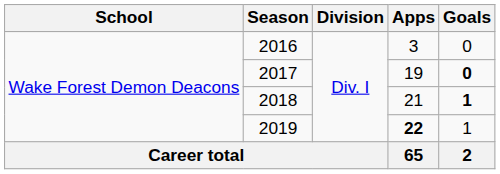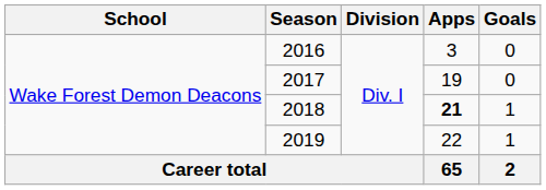 <table class="wikitable" style="text-align: center;">
 <tr>
 <th>School</th>
 <th>Season</th>
 <th>Division</th>
 <th>Apps</th>
 <th>Goals</th>
 </tr>
 <tr>
 <td rowspan="4"><a href='#'>Wake Forest Demon Deacons</a></td>
 <td>2016</td>
 <td rowspan="4"><a href='#'>Div. I</a></td>
 <td>3</td>
 <td>0</td>
 </tr>
 <tr>
 <td>2017</td>
 <td>19</td>
-<td><strong>0</strong></td>
+<td>0</td>
 </tr>
 <tr>
 <td>2018</td>
-<td>21</td>
-<td><strong>1</strong></td>
+<td><strong>21</strong></td>
+<td>1</td>
 </tr>
 <tr>
 <td>2019</td>
-<td><strong>22</strong></td>
+<td>22</td>
 <td>1</td>
 </tr>
 <tr>
 <th colspan="3">Career total</th>
 <th>65</th>
 <th>2</th>
 </tr>
 </table>
